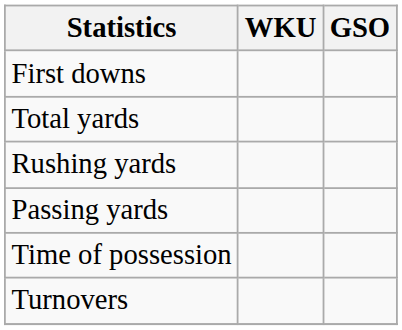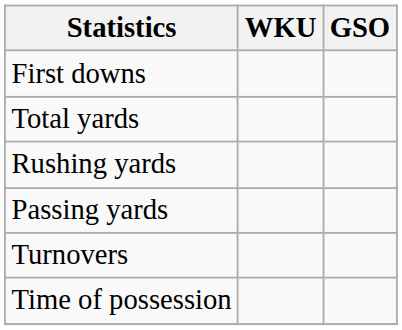 <table class="wikitable" style="float: left;">
 <tr>
 <th>Statistics</th>
 <th>WKU</th>
 <th>GSO</th>
 </tr>
 <tr>
 <td>First downs</td>
 <td></td>
 <td></td>
 </tr>
 <tr>
 <td>Total yards</td>
 <td></td>
 <td></td>
 </tr>
 <tr>
 <td>Rushing yards</td>
 <td></td>
 <td></td>
 </tr>
 <tr>
 <td>Passing yards</td>
 <td></td>
 <td></td>
 </tr>
 <tr>
-<td>Time of possession</td>
+<td>Turnovers</td>
 <td></td>
 <td></td>
 </tr>
 <tr>
-<td>Turnovers</td>
+<td>Time of possession</td>
 <td></td>
 <td></td>
 </tr>
 <tr>
 </tr>
 </table>
